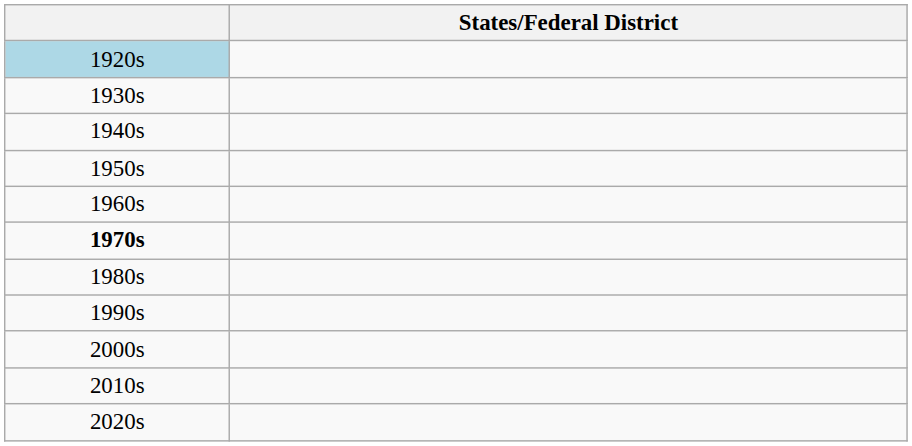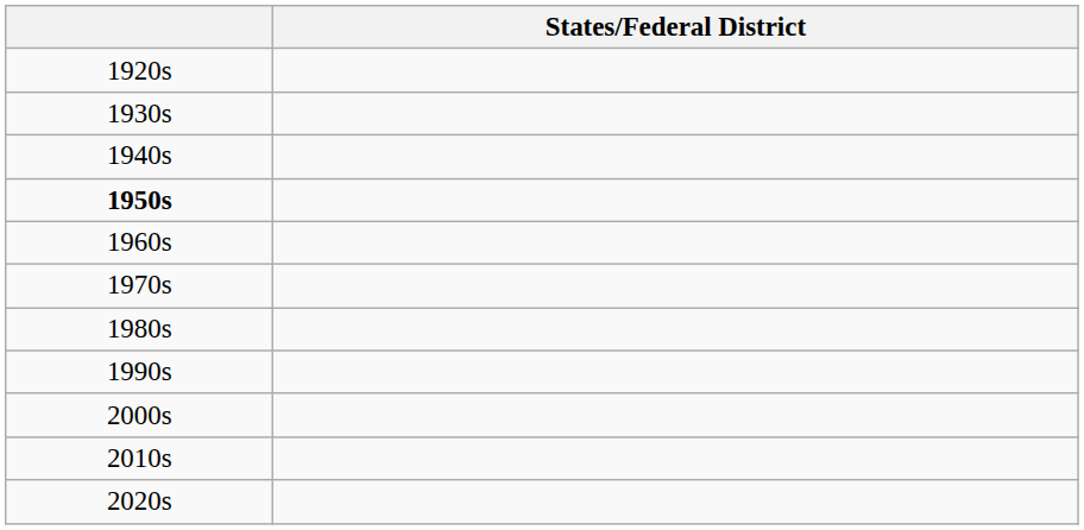 <table class="wikitable" style="width:50%">
 <tr>
 <th style="width:8em;"></th>
 <th style="width:25em;">States/Federal District</th>
 </tr>
 <tr>
-<td style="background: lightblue; text-align:center;">1920s</td>
+<td style="text-align:center;">1920s</td>
 <td></td>
 </tr>
 <tr>
 <td style="text-align:center;">1930s</td>
 <td></td>
 </tr>
 <tr>
 <td style="text-align:center;">1940s</td>
 <td></td>
 </tr>
 <tr>
-<td style="text-align:center;">1950s</td>
+<td style="text-align:center;"><strong>1950s</strong></td>
 <td></td>
 </tr>
 <tr>
 <td style="text-align:center;">1960s</td>
 <td></td>
 </tr>
 <tr>
-<td style="text-align:center;"><strong>1970s</strong></td>
+<td style="text-align:center;">1970s</td>
 <td></td>
 </tr>
 <tr>
 <td style="text-align:center;">1980s</td>
 <td></td>
 </tr>
 <tr>
 <td style="text-align:center;">1990s</td>
 <td></td>
 </tr>
 <tr>
 <td style="text-align:center;">2000s</td>
 <td></td>
 </tr>
 <tr>
 <td style="text-align:center;">2010s</td>
 <td></td>
 </tr>
 <tr>
 <td style="text-align:center;">2020s</td>
 <td></td>
 </tr>
 </table>
